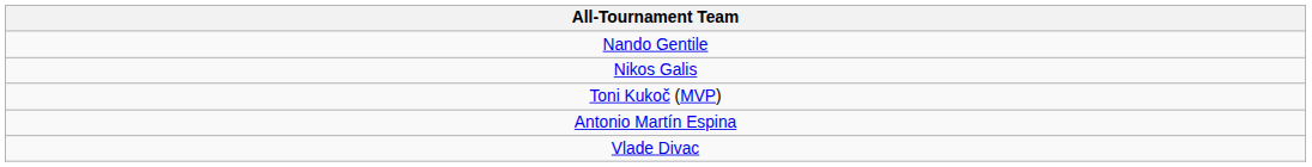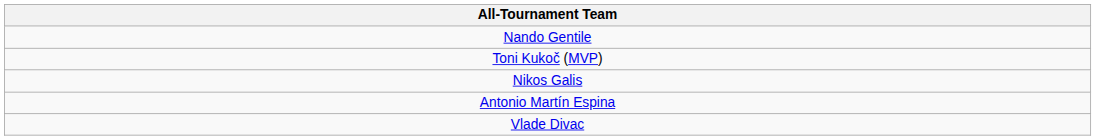 <table class="wikitable sortable" style="text-align:center; width: 100%">
 <tr>
 <th>All-Tournament Team</th>
 </tr>
 <tr>
 <td> <a href='#'>Nando Gentile</a></td>
 </tr>
 <tr>
-<td> <a href='#'>Nikos Galis</a></td>
+<td> <a href='#'>Toni Kukoč</a> (<a href='#'>MVP</a>)</td>
 </tr>
 <tr>
-<td> <a href='#'>Toni Kukoč</a> (<a href='#'>MVP</a>)</td>
+<td> <a href='#'>Nikos Galis</a></td>
 </tr>
 <tr>
 <td> <a href='#'>Antonio Martín Espina</a></td>
 </tr>
 <tr>
 <td> <a href='#'>Vlade Divac</a></td>
 </tr>
 </table>
